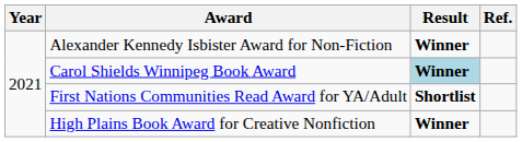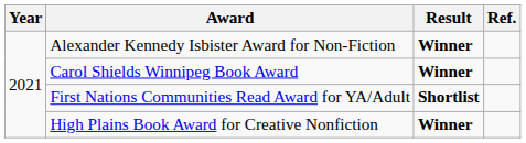 <table class="wikitable sortable mw-collapsible">
 <tr>
 <th>Year</th>
 <th>Award</th>
 <th>Result</th>
 <th>Ref.</th>
 </tr>
 <tr>
 <td rowspan="4">2021</td>
 <td>Alexander Kennedy Isbister Award for Non-Fiction</td>
 <td><strong>Winner</strong></td>
 <td></td>
 </tr>
 <tr>
 <td><a href='#'>Carol Shields Winnipeg Book Award</a></td>
-<td style="background: lightblue;"><strong>Winner</strong></td>
+<td><strong>Winner</strong></td>
 <td></td>
 </tr>
 <tr>
 <td><a href='#'>First Nations Communities Read Award</a> for YA/Adult</td>
 <td><strong>Shortlist</strong></td>
 <td></td>
 </tr>
 <tr>
 <td><a href='#'>High Plains Book Award</a> for Creative Nonfiction</td>
 <td><strong>Winner</strong></td>
 <td></td>
 </tr>
 </table>
